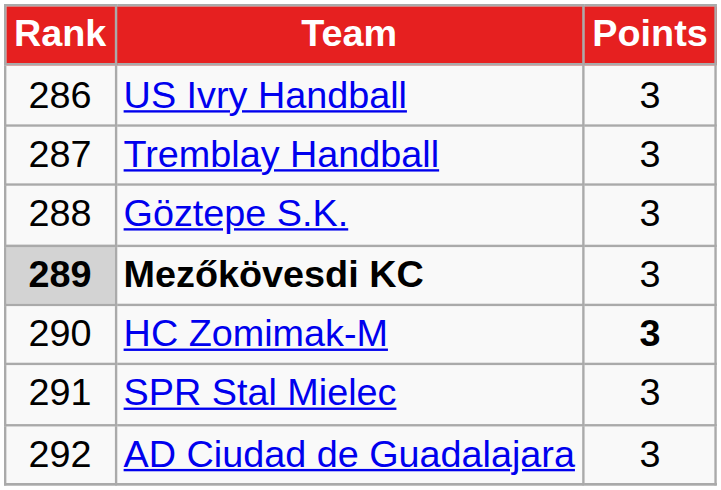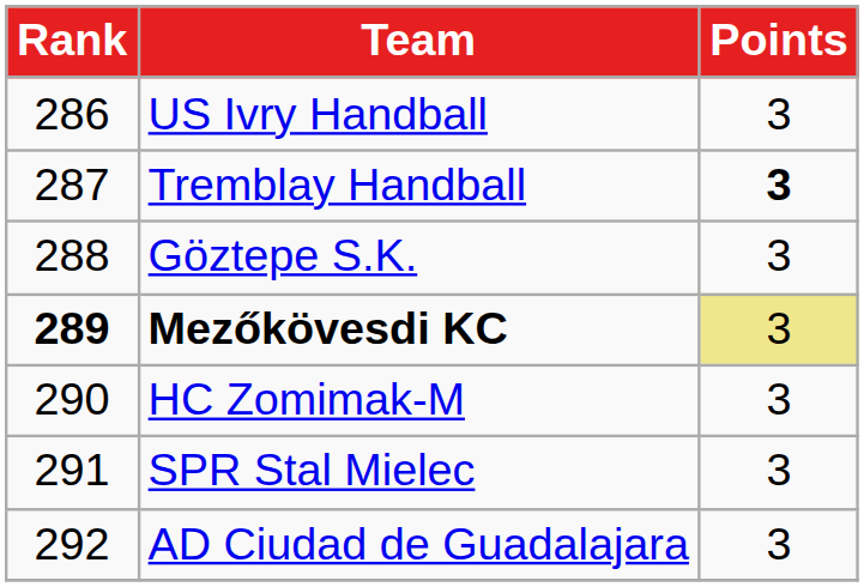 <table class="wikitable" style="text-align: center">
 <tr>
 <th style="color:white; background:#E62020">Rank</th>
 <th style="color:white; background:#E62020">Team</th>
 <th style="color:white; background:#E62020">Points</th>
 </tr>
 <tr>
 <td>286</td>
 <td align=left> <a href='#'>US Ivry Handball</a></td>
 <td>3</td>
 </tr>
 <tr>
 <td>287</td>
 <td align=left> <a href='#'>Tremblay Handball</a></td>
-<td>3</td>
+<td><strong>3</strong></td>
 </tr>
 <tr>
 <td>288</td>
 <td align=left> <a href='#'>Göztepe S.K.</a></td>
 <td>3</td>
 </tr>
 <tr>
-<td style="background: lightgrey;"><strong>289</strong></td>
+<td><strong>289</strong></td>
 <td align=left> <strong>Mezőkövesdi KC</strong></td>
-<td>3</td>
+<td style="background: khaki;">3</td>
 </tr>
 <tr>
 <td>290</td>
 <td align=left> <a href='#'>HC Zomimak-M</a></td>
-<td><strong>3</strong></td>
+<td>3</td>
 </tr>
 <tr>
 <td>291</td>
 <td align=left> <a href='#'>SPR Stal Mielec</a></td>
 <td>3</td>
 </tr>
 <tr>
 <td>292</td>
 <td align=left> <a href='#'>AD Ciudad de Guadalajara</a></td>
 <td>3</td>
 </tr>
 <tr>
 </tr>
 </table>
